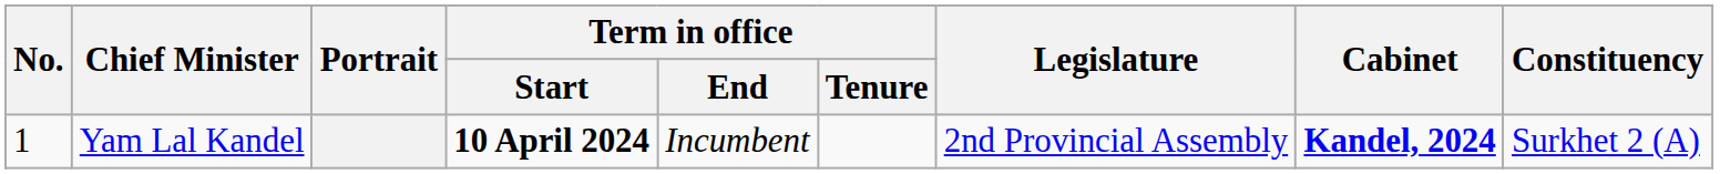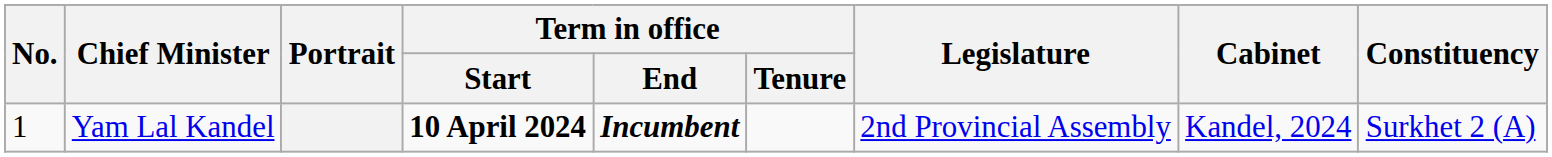 <table class="wikitable">
 <tr>
 <th rowspan="2" style="background-color:">No.</th>
 <th rowspan="2" style="background-color:">Chief Minister</th>
 <th rowspan="2" style="background-color:">Portrait</th>
 <th colspan="3" style="background-color:">Term in office</th>
 <th rowspan="2" style="background-color:">Legislature</th>
 <th rowspan="2" style="background-color:">Cabinet</th>
 <th rowspan="2" style="background-color:">Constituency</th>
 </tr>
 <tr>
 <th style="background-color:">Start</th>
 <th style="background-color:">End</th>
 <th style="background-color:">Tenure</th>
 </tr>
 <tr>
 <td>1</td>
 <td><a href='#'>Yam Lal Kandel</a></td>
 <th></th>
 <td><strong>10 April 2024</strong></td>
-<td><em>Incumbent</em></td>
+<td><strong><em>Incumbent</em></strong></td>
 <td></td>
 <td><a href='#'>2nd Provincial Assembly</a></td>
-<td><strong><a href='#'>Kandel, 2024</a></strong></td>
+<td><a href='#'>Kandel, 2024</a></td>
 <td><a href='#'>Surkhet 2 (A)</a></td>
 </tr>
 </table>
